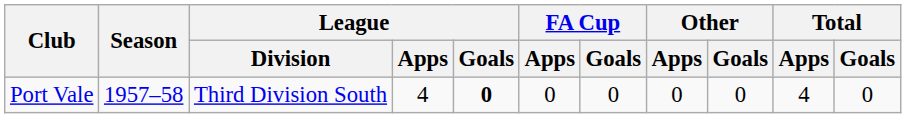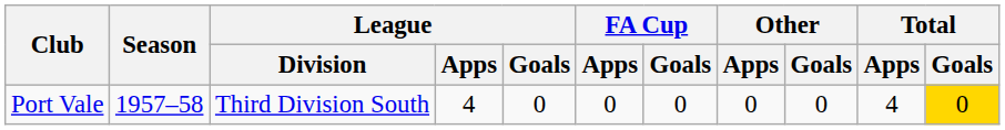 <table class="wikitable" style="text-align:center">
 <tr>
 <th rowspan="2">Club</th>
 <th rowspan="2">Season</th>
 <th colspan="3">League</th>
 <th colspan="2"><a href='#'>FA Cup</a></th>
 <th colspan="2">Other</th>
 <th colspan="2">Total</th>
 </tr>
 <tr>
 <th>Division</th>
 <th>Apps</th>
 <th>Goals</th>
 <th>Apps</th>
 <th>Goals</th>
 <th>Apps</th>
 <th>Goals</th>
 <th>Apps</th>
 <th>Goals</th>
 </tr>
 <tr>
 <td><a href='#'>Port Vale</a></td>
 <td><a href='#'>1957–58</a></td>
 <td><a href='#'>Third Division South</a></td>
 <td>4</td>
-<td><strong>0</strong></td>
+<td>0</td>
 <td>0</td>
 <td>0</td>
 <td>0</td>
 <td>0</td>
 <td>4</td>
-<td>0</td>
+<td style="background: gold;">0</td>
 </tr>
 </table>
